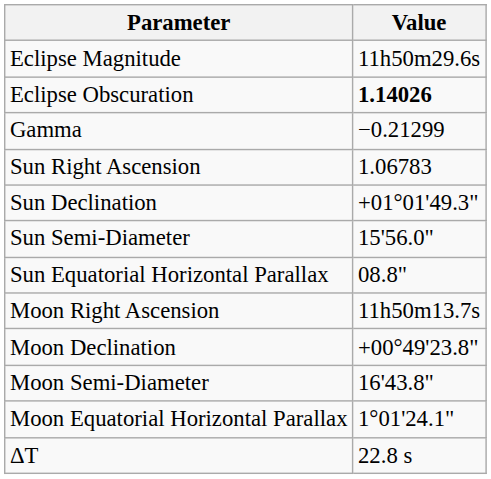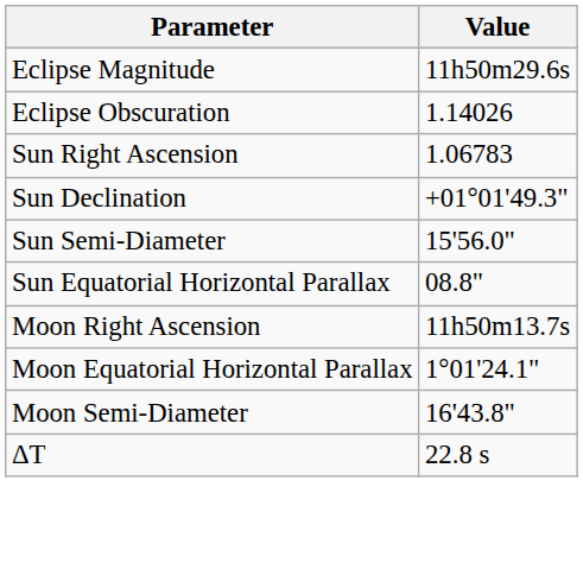 <table class="wikitable">
 <tr>
 <th>Parameter</th>
 <th>Value</th>
 </tr>
 <tr>
 <td>Eclipse Magnitude</td>
 <td>11h50m29.6s</td>
 </tr>
 <tr>
 <td>Eclipse Obscuration</td>
-<td><strong>1.14026</strong></td>
-</tr>
-<tr>
-<td>Gamma</td>
-<td>−0.21299</td>
+<td>1.14026</td>
 </tr>
 <tr>
 <td>Sun Right Ascension</td>
 <td>1.06783</td>
 </tr>
 <tr>
 <td>Sun Declination</td>
 <td>+01°01'49.3"</td>
 </tr>
 <tr>
 <td>Sun Semi-Diameter</td>
 <td>15'56.0"</td>
 </tr>
 <tr>
 <td>Sun Equatorial Horizontal Parallax</td>
 <td>08.8"</td>
 </tr>
 <tr>
 <td>Moon Right Ascension</td>
 <td>11h50m13.7s</td>
 </tr>
 <tr>
-<td>Moon Declination</td>
-<td>+00°49'23.8"</td>
+<td>Moon Equatorial Horizontal Parallax</td>
+<td>1°01'24.1"</td>
 </tr>
 <tr>
 <td>Moon Semi-Diameter</td>
 <td>16'43.8"</td>
 </tr>
 <tr>
-<td>Moon Equatorial Horizontal Parallax</td>
-<td>1°01'24.1"</td>
-</tr>
-<tr>
 <td>ΔT</td>
 <td>22.8 s</td>
 </tr>
 </table>
